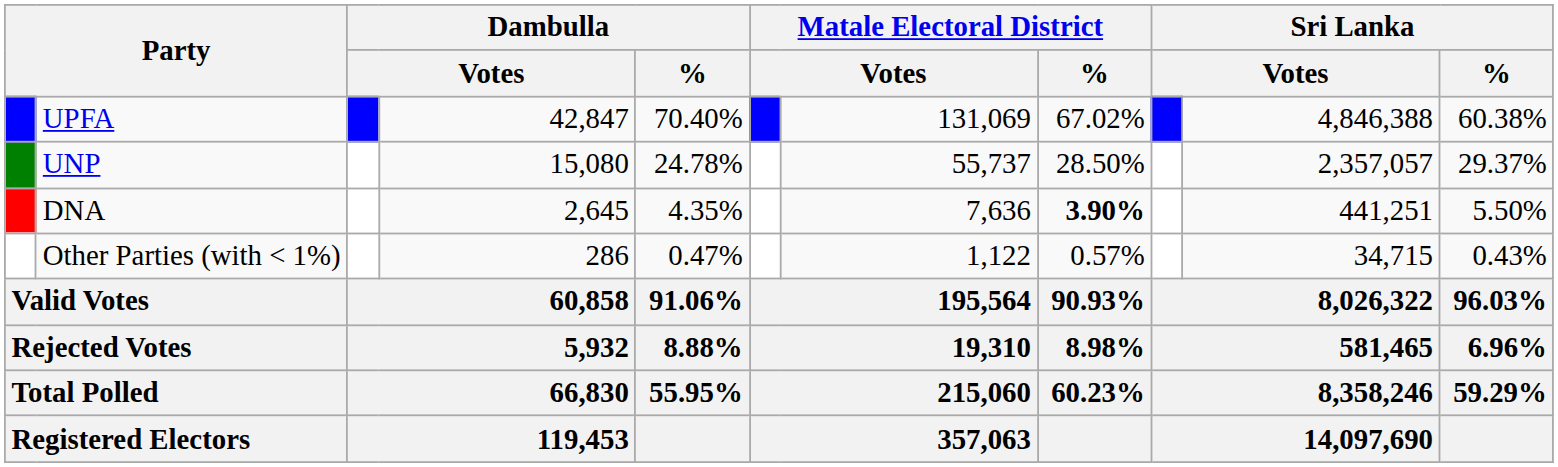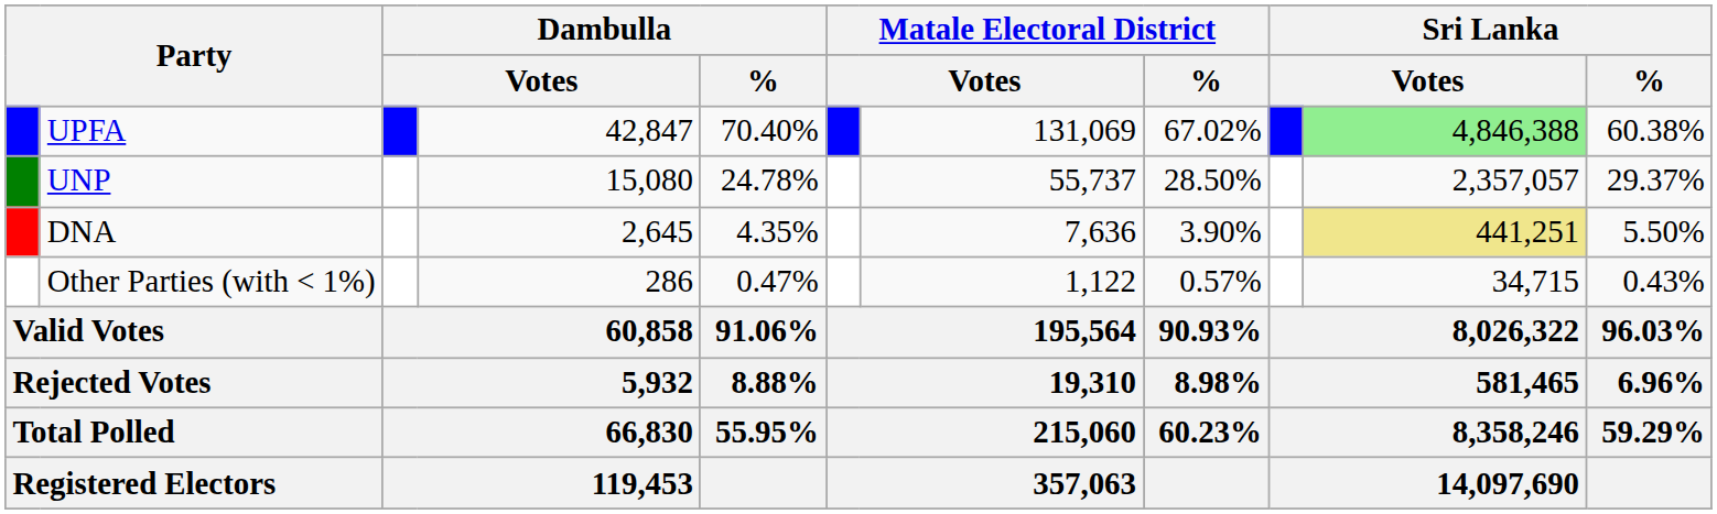 <table class="wikitable">
 <tr>
 <th colspan="2" width="144px"rowspan="2">Party</th>
 <th colspan="3" width="216px">Dambulla</th>
 <th colspan="3" width="216px"><a href='#'>Matale Electoral District</a></th>
 <th colspan="3" width="216px">Sri Lanka</th>
 </tr>
 <tr>
 <th colspan="2" width="144px">Votes</th>
 <th>%</th>
 <th colspan="2" width="144px">Votes</th>
 <th>%</th>
 <th colspan="2" width="144px">Votes</th>
 <th>%</th>
 </tr>
 <tr>
 <td style="background-color:blue;" width="10px"></td>
 <td style="text-align:left;"><a href='#'>UPFA</a></td>
 <td style="background-color:blue;" width="10px"></td>
 <td style="text-align:right;">42,847</td>
 <td style="text-align:right;">70.40%</td>
 <td style="background-color:blue;" width="10px"></td>
 <td style="text-align:right;">131,069</td>
 <td style="text-align:right;">67.02%</td>
 <td style="background-color:blue;" width="10px"></td>
-<td style="text-align:right;">4,846,388</td>
+<td style="background: lightgreen; text-align:right;">4,846,388</td>
 <td style="text-align:right;">60.38%</td>
 </tr>
 <tr>
 <td style="background-color:green;" width="10px"></td>
 <td style="text-align:left;"><a href='#'>UNP</a></td>
 <td style="background-color:white;" width="10px"></td>
 <td style="text-align:right;">15,080</td>
 <td style="text-align:right;">24.78%</td>
 <td style="background-color:white;" width="10px"></td>
 <td style="text-align:right;">55,737</td>
 <td style="text-align:right;">28.50%</td>
 <td style="background-color:white;" width="10px"></td>
 <td style="text-align:right;">2,357,057</td>
 <td style="text-align:right;">29.37%</td>
 </tr>
 <tr>
 <td style="background-color:red;" width="10px"></td>
 <td style="text-align:left;">DNA</td>
 <td style="background-color:white;" width="10px"></td>
 <td style="text-align:right;">2,645</td>
 <td style="text-align:right;">4.35%</td>
 <td style="background-color:white;" width="10px"></td>
 <td style="text-align:right;">7,636</td>
-<td style="text-align:right;"><strong>3.90%</strong></td>
+<td style="text-align:right;">3.90%</td>
 <td style="background-color:white;" width="10px"></td>
-<td style="text-align:right;">441,251</td>
+<td style="background: khaki; text-align:right;">441,251</td>
 <td style="text-align:right;">5.50%</td>
 </tr>
 <tr>
 <td style="background-color:white;" width="10px"></td>
 <td style="text-align:left;">Other Parties (with < 1%)</td>
 <td style="background-color:white;" width="10px"></td>
 <td style="text-align:right;">286</td>
 <td style="text-align:right;">0.47%</td>
 <td style="background-color:white;" width="10px"></td>
 <td style="text-align:right;">1,122</td>
 <td style="text-align:right;">0.57%</td>
 <td style="background-color:white;" width="10px"></td>
 <td style="text-align:right;">34,715</td>
 <td style="text-align:right;">0.43%</td>
 </tr>
 <tr>
 <th colspan="2" width="144px"style="text-align:left;">Valid Votes</th>
 <th style="text-align:right;"colspan="2" width="144px">60,858</th>
 <th style="text-align:right;">91.06%</th>
 <th style="text-align:right;"colspan="2" width="144px">195,564</th>
 <th style="text-align:right;">90.93%</th>
 <th style="text-align:right;"colspan="2" width="144px">8,026,322</th>
 <th style="text-align:right;">96.03%</th>
 </tr>
 <tr>
 <th colspan="2" width="144px"style="text-align:left;">Rejected Votes</th>
 <th style="text-align:right;"colspan="2" width="144px">5,932</th>
 <th style="text-align:right;">8.88%</th>
 <th style="text-align:right;"colspan="2" width="144px">19,310</th>
 <th style="text-align:right;">8.98%</th>
 <th style="text-align:right;"colspan="2" width="144px">581,465</th>
 <th style="text-align:right;">6.96%</th>
 </tr>
 <tr>
 <th colspan="2" width="144px"style="text-align:left;">Total Polled</th>
 <th style="text-align:right;"colspan="2" width="144px">66,830</th>
 <th style="text-align:right;">55.95%</th>
 <th style="text-align:right;"colspan="2" width="144px">215,060</th>
 <th style="text-align:right;">60.23%</th>
 <th style="text-align:right;"colspan="2" width="144px">8,358,246</th>
 <th style="text-align:right;">59.29%</th>
 </tr>
 <tr>
 <th colspan="2" width="144px"style="text-align:left;">Registered Electors</th>
 <th style="text-align:right;"colspan="2" width="144px">119,453</th>
 <th></th>
 <th style="text-align:right;"colspan="2" width="144px">357,063</th>
 <th></th>
 <th style="text-align:right;"colspan="2" width="144px">14,097,690</th>
 <th></th>
 </tr>
 </table>
